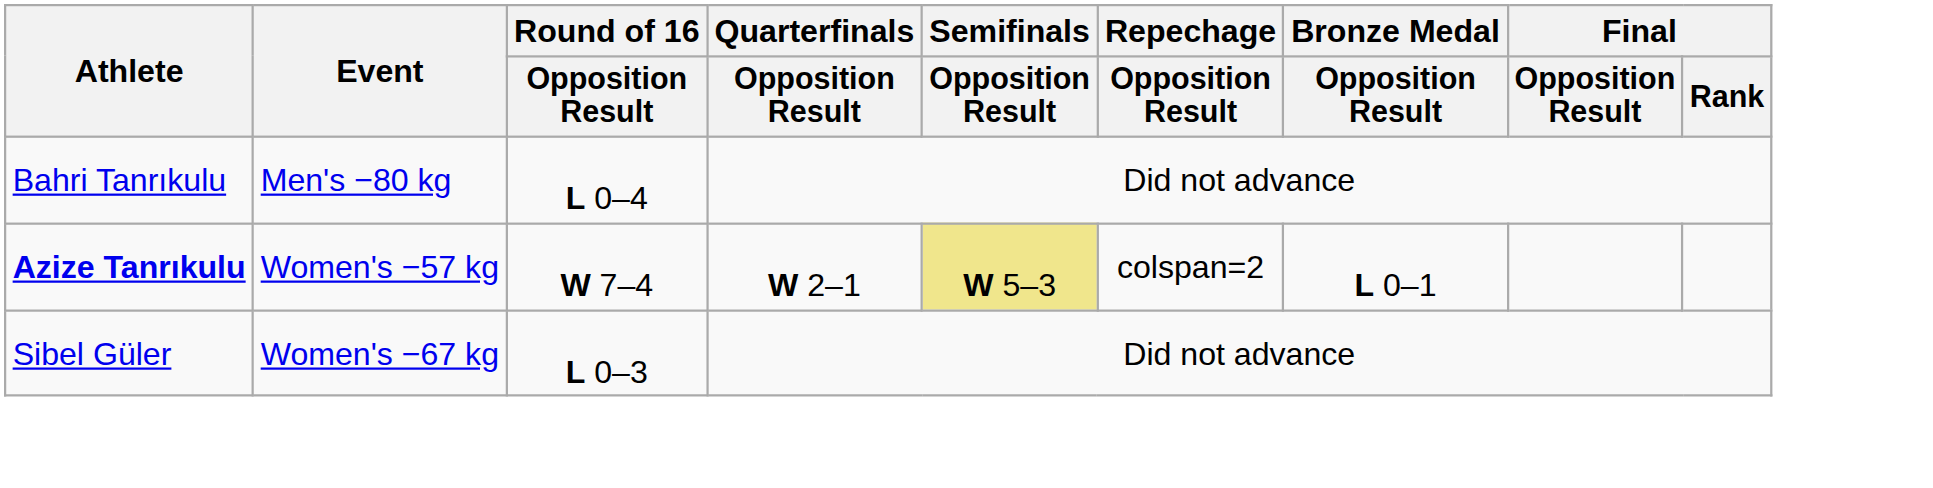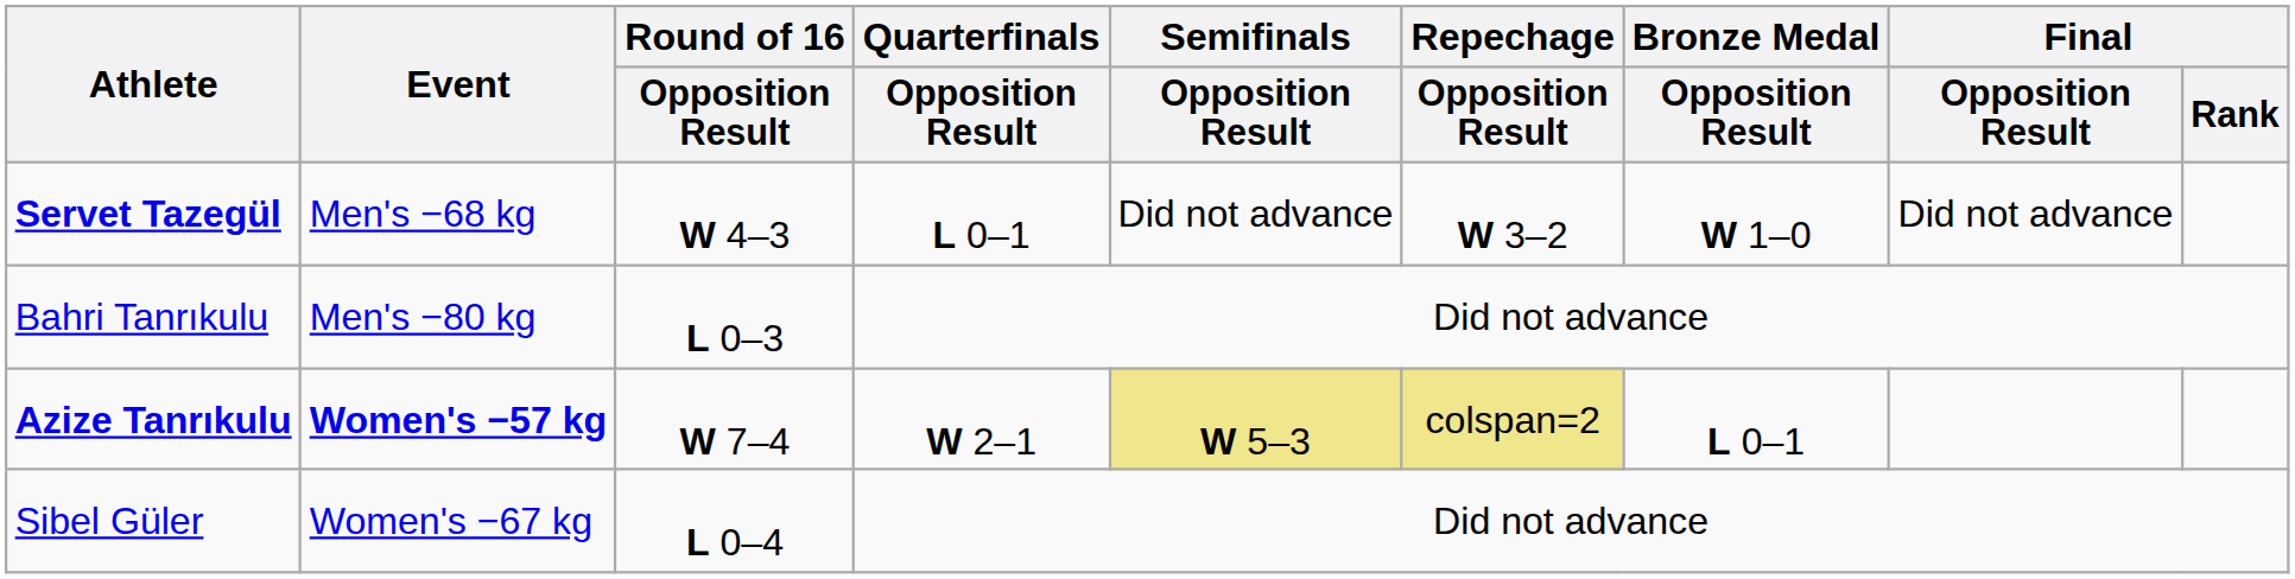 <table class="wikitable" style="font-size:90%">
 <tr>
 <th rowspan="2">Athlete</th>
 <th rowspan="2">Event</th>
 <th>Round of 16</th>
 <th>Quarterfinals</th>
 <th>Semifinals</th>
 <th>Repechage</th>
 <th>Bronze Medal</th>
 <th colspan=2>Final</th>
 </tr>
 <tr style="font-size:95%">
 <th>Opposition<br>Result</th>
 <th>Opposition<br>Result</th>
 <th>Opposition<br>Result</th>
 <th>Opposition<br>Result</th>
 <th>Opposition<br>Result</th>
 <th>Opposition<br>Result</th>
 <th>Rank</th>
 </tr>
 <tr align=center>
+<td align=left><strong><a href='#'>Servet Tazegül</a></strong></td>
+<td align=left><a href='#'>Men's −68 kg</a></td>
+<td><br><strong>W</strong> 4–3</td>
+<td><br><strong>L</strong> 0–1</td>
+<td>Did not advance</td>
+<td><br><strong>W</strong> 3–2</td>
+<td><br><strong>W</strong> 1–0</td>
+<td>Did not advance</td>
+<td></td>
+</tr>
+<tr align=center>
 <td align=left><a href='#'>Bahri Tanrıkulu</a></td>
 <td align=left><a href='#'>Men's −80 kg</a></td>
-<td><br><strong>L</strong> 0–4</td>
+<td><br><strong>L</strong> 0–3</td>
 <td colspan=6>Did not advance</td>
 </tr>
 <tr align=center>
 <td align=left><strong><a href='#'>Azize Tanrıkulu</a></strong></td>
-<td align=left><a href='#'>Women's −57 kg</a></td>
+<td align=left><strong><a href='#'>Women's −57 kg</a></strong></td>
 <td><br><strong>W</strong> 7–4</td>
 <td><br><strong>W</strong> 2–1</td>
 <td style="background: khaki;"><br><strong>W</strong> 5–3</td>
-<td>colspan=2 </td>
+<td style="background: khaki;">colspan=2 </td>
 <td><br><strong>L</strong> 0–1</td>
 <td></td>
 </tr>
 <tr align=center>
 <td align=left><a href='#'>Sibel Güler</a></td>
 <td align=left><a href='#'>Women's −67 kg</a></td>
-<td><br><strong>L</strong> 0–3</td>
+<td><br><strong>L</strong> 0–4</td>
 <td colspan=6>Did not advance</td>
 </tr>
 </table>
